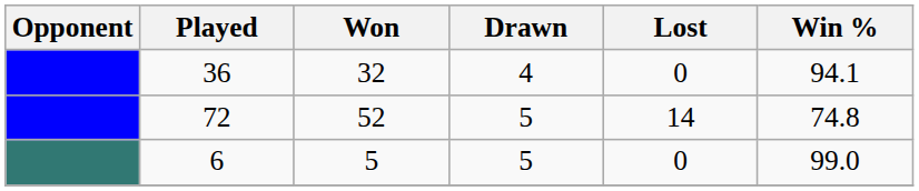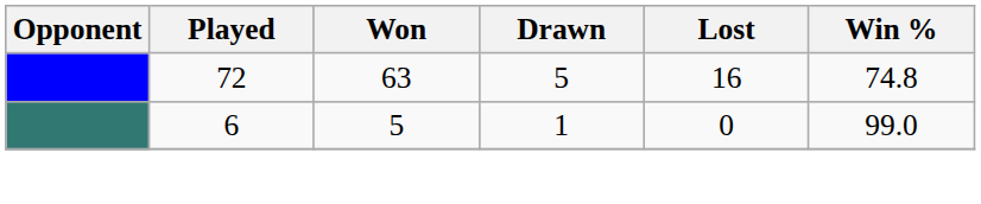 <table class="wikitable sortable" style="text-align:center;">
 <tr>
 <th>Opponent</th>
 <th style="width:5em">Played</th>
 <th style="width:5em">Won</th>
 <th style="width:5em">Drawn</th>
 <th style="width:5em">Lost</th>
 <th style="width:5em">Win %</th>
 </tr>
 <tr>
 <td style="background:blue"></td>
-<td>36</td>
-<td>32</td>
-<td>4</td>
-<td>0</td>
-<td>94.1</td>
-</tr>
-<tr>
-<td style="background:blue"></td>
 <td>72</td>
-<td>52</td>
+<td>63</td>
 <td>5</td>
-<td>14</td>
+<td>16</td>
 <td>74.8</td>
 </tr>
 <tr>
 <td style="background:#317873"></td>
 <td>6</td>
 <td>5</td>
-<td>5</td>
+<td>1</td>
 <td>0</td>
 <td>99.0</td>
 </tr>
 <tr class="sortbottom">
 </tr>
 </table>
